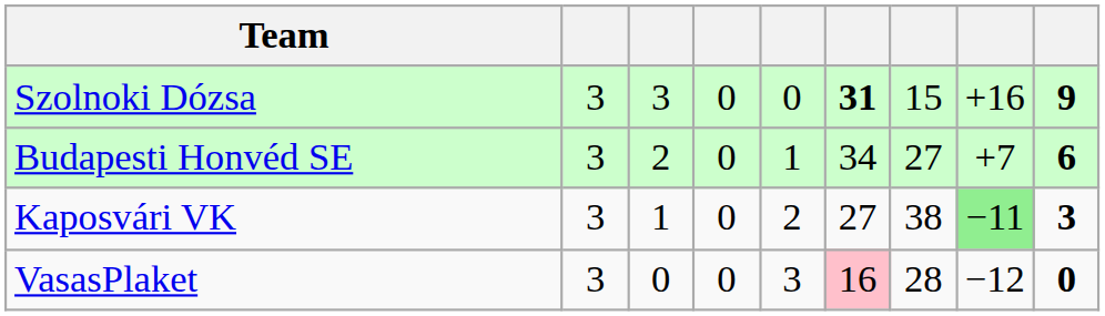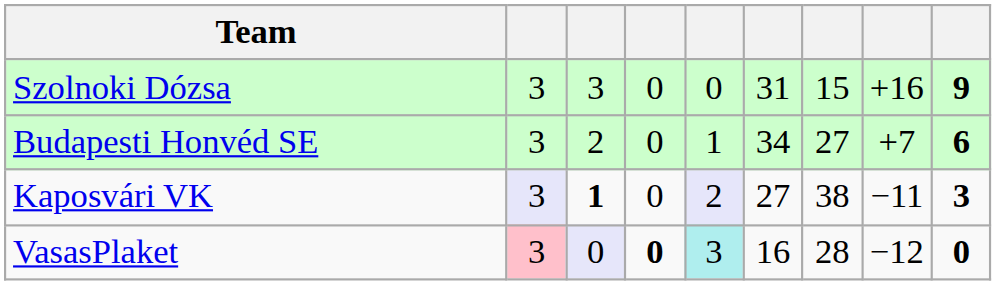 <table class="wikitable" style="text-align:center;">
 <tr>
 <th width=225>Team</th>
 <th width=20></th>
 <th width=20></th>
 <th width=20></th>
 <th width=20></th>
 <th width=20></th>
 <th width=20></th>
 <th width=20></th>
 <th width=20></th>
 </tr>
 <tr style="background:#cfc;">
 <td align="left"><a href='#'>Szolnoki Dózsa</a></td>
 <td>3</td>
 <td>3</td>
 <td>0</td>
 <td>0</td>
-<td><strong>31</strong></td>
+<td>31</td>
 <td>15</td>
 <td>+16</td>
 <td><strong>9</strong></td>
 </tr>
 <tr style="background:#cfc;">
 <td align="left"><a href='#'>Budapesti Honvéd SE</a></td>
 <td>3</td>
 <td>2</td>
 <td>0</td>
 <td>1</td>
 <td>34</td>
 <td>27</td>
 <td>+7</td>
 <td><strong>6</strong></td>
 </tr>
 <tr>
 <td align="left"><a href='#'>Kaposvári VK</a></td>
-<td>3</td>
-<td>1</td>
+<td style="background: lavender;">3</td>
+<td><strong>1</strong></td>
 <td>0</td>
-<td>2</td>
+<td style="background: lavender;">2</td>
 <td>27</td>
 <td>38</td>
-<td style="background: lightgreen;">−11</td>
+<td>−11</td>
 <td><strong>3</strong></td>
 </tr>
 <tr>
 <td align="left"><a href='#'>VasasPlaket</a></td>
-<td>3</td>
-<td>0</td>
-<td>0</td>
-<td>3</td>
-<td style="background: pink;">16</td>
+<td style="background: pink;">3</td>
+<td style="background: lavender;">0</td>
+<td><strong>0</strong></td>
+<td style="background: paleturquoise;">3</td>
+<td>16</td>
 <td>28</td>
 <td>−12</td>
 <td><strong>0</strong></td>
 </tr>
 </table>
